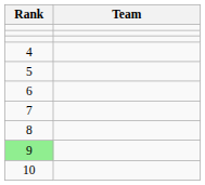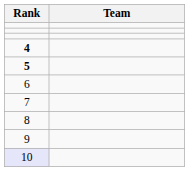 <table class="wikitable" style="text-align: center;">
 <tr>
 <th width="55">Rank</th>
 <th width="180">Team</th>
 </tr>
 <tr>
 <td></td>
 <td align="left"></td>
 </tr>
 <tr>
 <td></td>
 <td align="left"></td>
 </tr>
 <tr>
 <td></td>
 <td align="left"></td>
 </tr>
 <tr>
-<td>4</td>
+<td><strong>4</strong></td>
 <td align="left"></td>
 </tr>
 <tr>
-<td>5</td>
+<td><strong>5</strong></td>
 <td align="left"></td>
 </tr>
 <tr>
 <td>6</td>
 <td align="left"></td>
 </tr>
 <tr>
 <td>7</td>
 <td align="left"></td>
 </tr>
 <tr>
 <td>8</td>
 <td align="left"></td>
 </tr>
 <tr>
-<td style="background: lightgreen;">9</td>
+<td>9</td>
 <td align="left"></td>
 </tr>
 <tr>
-<td>10</td>
+<td style="background: lavender;">10</td>
 <td align="left"></td>
 </tr>
 </table>
